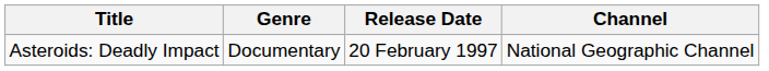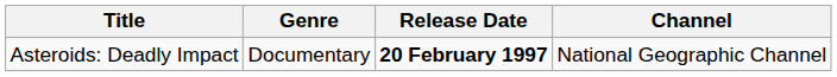 <table class="wikitable sortable">
 <tr>
 <th>Title</th>
 <th>Genre</th>
 <th>Release Date</th>
 <th>Channel</th>
 </tr>
 <tr>
 <td>Asteroids: Deadly Impact</td>
 <td rowspan="6">Documentary</td>
-<td>20 February 1997</td>
+<td><strong>20 February 1997</strong></td>
 <td>National Geographic Channel</td>
 </tr>
 </table>
